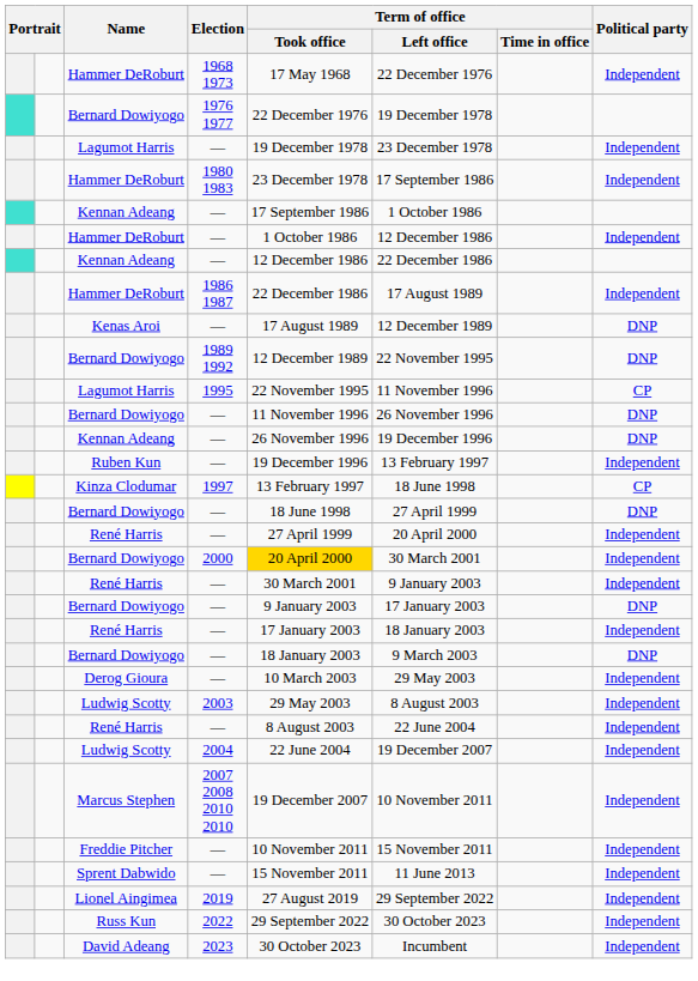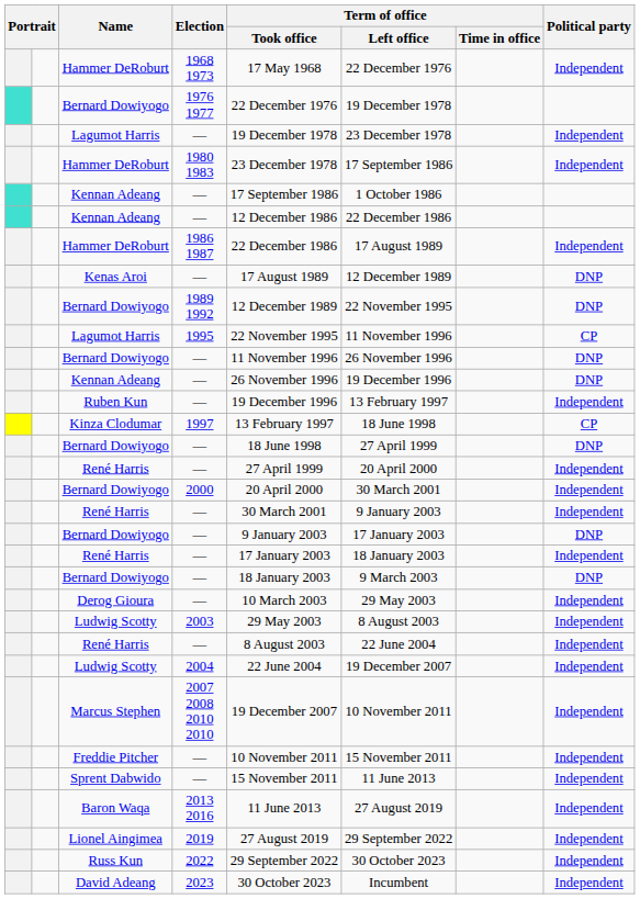 <table class="wikitable" style="text-align:center">
 <tr>
 <th colspan="2" rowspan="2">Portrait</th>
 <th rowspan="2">Name<br></th>
 <th rowspan="2">Election</th>
 <th colspan="3">Term of office</th>
 <th rowspan="2">Political party</th>
 </tr>
 <tr>
 <th>Took office</th>
 <th>Left office</th>
 <th>Time in office</th>
 </tr>
 <tr>
 <th style="background:"></th>
 <td></td>
 <td><a href='#'>Hammer DeRoburt</a><br></td>
 <td><a href='#'>1968</a><br><a href='#'>1973</a></td>
 <td>17 May 1968</td>
 <td>22 December 1976</td>
 <td></td>
 <td><a href='#'>Independent</a></td>
 </tr>
 <tr>
 <th style="background:Turquoise;"></th>
 <td></td>
 <td><a href='#'>Bernard Dowiyogo</a><br></td>
 <td><a href='#'>1976</a><br><a href='#'>1977</a></td>
 <td>22 December 1976</td>
 <td>19 December 1978</td>
 <td></td>
 <td></td>
 </tr>
 <tr>
 <th style="background:"></th>
 <td></td>
 <td><a href='#'>Lagumot Harris</a><br></td>
 <td>—</td>
 <td>19 December 1978</td>
 <td>23 December 1978</td>
 <td></td>
 <td><a href='#'>Independent</a></td>
 </tr>
 <tr>
 <th style="background:"></th>
 <td></td>
 <td><a href='#'>Hammer DeRoburt</a><br></td>
 <td><a href='#'>1980</a><br><a href='#'>1983</a></td>
 <td>23 December 1978</td>
 <td>17 September 1986</td>
 <td></td>
 <td><a href='#'>Independent</a></td>
 </tr>
 <tr>
 <th style="background:Turquoise;"></th>
 <td></td>
 <td><a href='#'>Kennan Adeang</a><br></td>
 <td>—</td>
 <td>17 September 1986</td>
 <td>1 October 1986</td>
 <td></td>
 <td></td>
-</tr>
-<tr>
-<th style="background:"></th>
-<td></td>
-<td><a href='#'>Hammer DeRoburt</a><br></td>
-<td>—</td>
-<td>1 October 1986</td>
-<td>12 December 1986</td>
-<td></td>
-<td><a href='#'>Independent</a></td>
 </tr>
 <tr>
 <th style="background:Turquoise;"></th>
 <td></td>
 <td><a href='#'>Kennan Adeang</a><br></td>
 <td>—</td>
 <td>12 December 1986</td>
 <td>22 December 1986</td>
 <td></td>
 <td></td>
 </tr>
 <tr>
 <th style="background:"></th>
 <td></td>
 <td><a href='#'>Hammer DeRoburt</a><br></td>
 <td><a href='#'>1986</a><br><a href='#'>1987</a></td>
 <td>22 December 1986</td>
 <td>17 August 1989</td>
 <td></td>
 <td><a href='#'>Independent</a></td>
 </tr>
 <tr>
 <th style="background:"></th>
 <td></td>
 <td><a href='#'>Kenas Aroi</a><br></td>
 <td>—</td>
 <td>17 August 1989</td>
 <td>12 December 1989</td>
 <td></td>
 <td><a href='#'>DNP</a></td>
 </tr>
 <tr>
 <th style="background:"></th>
 <td></td>
 <td><a href='#'>Bernard Dowiyogo</a><br></td>
 <td><a href='#'>1989</a><br><a href='#'>1992</a></td>
 <td>12 December 1989</td>
 <td>22 November 1995</td>
 <td></td>
 <td><a href='#'>DNP</a></td>
 </tr>
 <tr>
 <th style="background:"></th>
 <td></td>
 <td><a href='#'>Lagumot Harris</a><br></td>
 <td><a href='#'>1995</a></td>
 <td>22 November 1995</td>
 <td>11 November 1996</td>
 <td></td>
 <td><a href='#'>CP</a></td>
 </tr>
 <tr>
 <th style="background:"></th>
 <td></td>
 <td><a href='#'>Bernard Dowiyogo</a><br></td>
 <td>—</td>
 <td>11 November 1996</td>
 <td>26 November 1996</td>
 <td></td>
 <td><a href='#'>DNP</a></td>
 </tr>
 <tr>
 <th style="background:"></th>
 <td></td>
 <td><a href='#'>Kennan Adeang</a><br></td>
 <td>—</td>
 <td>26 November 1996</td>
 <td>19 December 1996</td>
 <td></td>
 <td><a href='#'>DNP</a></td>
 </tr>
 <tr>
 <th style="background:"></th>
 <td></td>
 <td><a href='#'>Ruben Kun</a><br></td>
 <td>—</td>
 <td>19 December 1996</td>
 <td>13 February 1997</td>
 <td></td>
 <td><a href='#'>Independent</a></td>
 </tr>
 <tr>
 <th style="background:Yellow;"></th>
 <td></td>
 <td><a href='#'>Kinza Clodumar</a><br></td>
 <td><a href='#'>1997</a></td>
 <td>13 February 1997</td>
 <td>18 June 1998</td>
 <td></td>
 <td><a href='#'>CP</a></td>
 </tr>
 <tr>
 <th style="background:"></th>
 <td></td>
 <td><a href='#'>Bernard Dowiyogo</a><br></td>
 <td>—</td>
 <td>18 June 1998</td>
 <td>27 April 1999</td>
 <td></td>
 <td><a href='#'>DNP</a></td>
 </tr>
 <tr>
 <th style="background:"></th>
 <td></td>
 <td><a href='#'>René Harris</a><br></td>
 <td>—</td>
 <td>27 April 1999</td>
 <td>20 April 2000</td>
 <td></td>
 <td><a href='#'>Independent</a></td>
 </tr>
 <tr>
 <th style="background:"></th>
 <td></td>
 <td><a href='#'>Bernard Dowiyogo</a><br></td>
 <td><a href='#'>2000</a></td>
-<td style="background: gold;">20 April 2000</td>
+<td>20 April 2000</td>
 <td>30 March 2001</td>
 <td></td>
 <td><a href='#'>Independent</a></td>
 </tr>
 <tr>
 <th style="background:"></th>
 <td></td>
 <td><a href='#'>René Harris</a><br></td>
 <td>—</td>
 <td>30 March 2001</td>
 <td>9 January 2003</td>
 <td></td>
 <td><a href='#'>Independent</a></td>
 </tr>
 <tr>
 <th style="background:"></th>
 <td></td>
 <td><a href='#'>Bernard Dowiyogo</a><br></td>
 <td>—</td>
 <td>9 January 2003</td>
 <td>17 January 2003</td>
 <td></td>
 <td><a href='#'>DNP</a></td>
 </tr>
 <tr>
 <th style="background:"></th>
 <td></td>
 <td><a href='#'>René Harris</a><br></td>
 <td>—</td>
 <td>17 January 2003</td>
 <td>18 January 2003</td>
 <td></td>
 <td><a href='#'>Independent</a></td>
 </tr>
 <tr>
 <th style="background:"></th>
 <td></td>
 <td><a href='#'>Bernard Dowiyogo</a><br></td>
 <td>—</td>
 <td>18 January 2003</td>
 <td>9 March 2003</td>
 <td></td>
 <td><a href='#'>DNP</a></td>
 </tr>
 <tr>
 <th style="background:"></th>
 <td></td>
 <td><a href='#'>Derog Gioura</a><br></td>
 <td>—</td>
 <td>10 March 2003</td>
 <td>29 May 2003</td>
 <td></td>
 <td><a href='#'>Independent</a></td>
 </tr>
 <tr>
 <th style="background:"></th>
 <td></td>
 <td><a href='#'>Ludwig Scotty</a><br></td>
 <td><a href='#'>2003</a></td>
 <td>29 May 2003</td>
 <td>8 August 2003</td>
 <td></td>
 <td><a href='#'>Independent</a></td>
 </tr>
 <tr>
 <th style="background:"></th>
 <td></td>
 <td><a href='#'>René Harris</a><br></td>
 <td>—</td>
 <td>8 August 2003</td>
 <td>22 June 2004</td>
 <td></td>
 <td><a href='#'>Independent</a></td>
 </tr>
 <tr>
 <th style="background:"></th>
 <td></td>
 <td><a href='#'>Ludwig Scotty</a><br></td>
 <td><a href='#'>2004</a></td>
 <td>22 June 2004</td>
 <td>19 December 2007</td>
 <td></td>
 <td><a href='#'>Independent</a></td>
 </tr>
 <tr>
 <th style="background:"></th>
 <td></td>
 <td><a href='#'>Marcus Stephen</a><br></td>
 <td><a href='#'>2007</a><br><a href='#'>2008</a><br><a href='#'>2010 </a><br><a href='#'>2010 </a></td>
 <td>19 December 2007</td>
 <td>10 November 2011</td>
 <td></td>
 <td><a href='#'>Independent</a></td>
 </tr>
 <tr>
 <th style="background:"></th>
 <td></td>
 <td><a href='#'>Freddie Pitcher</a><br></td>
 <td>—</td>
 <td>10 November 2011</td>
 <td>15 November 2011</td>
 <td></td>
 <td><a href='#'>Independent</a></td>
 </tr>
 <tr>
 <th style="background:"></th>
 <td></td>
 <td><a href='#'>Sprent Dabwido</a><br></td>
 <td>—</td>
 <td>15 November 2011</td>
 <td>11 June 2013</td>
 <td></td>
 <td><a href='#'>Independent</a></td>
 </tr>
 <tr>
 <th style="background:"></th>
 <td></td>
+<td><a href='#'>Baron Waqa</a><br></td>
+<td><a href='#'>2013</a><br><a href='#'>2016</a></td>
+<td>11 June 2013</td>
+<td>27 August 2019</td>
+<td></td>
+<td><a href='#'>Independent</a></td>
+</tr>
+<tr>
+<th style="background:"></th>
+<td></td>
 <td><a href='#'>Lionel Aingimea</a><br></td>
 <td><a href='#'>2019</a></td>
 <td>27 August 2019</td>
 <td>29 September 2022</td>
 <td></td>
 <td><a href='#'>Independent</a></td>
 </tr>
 <tr>
 <th style="background:"></th>
 <td></td>
 <td><a href='#'>Russ Kun</a><br></td>
 <td><a href='#'>2022</a></td>
 <td>29 September 2022</td>
 <td>30 October 2023</td>
 <td></td>
 <td><a href='#'>Independent</a></td>
 </tr>
 <tr>
 <th style="background:"></th>
 <td></td>
 <td><a href='#'>David Adeang</a><br></td>
 <td><a href='#'>2023</a></td>
 <td>30 October 2023</td>
 <td>Incumbent</td>
 <td></td>
 <td><a href='#'>Independent</a></td>
 </tr>
 </table>
